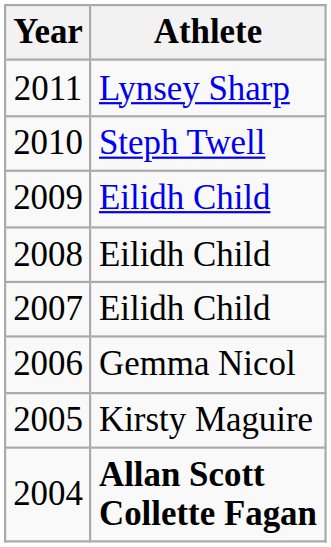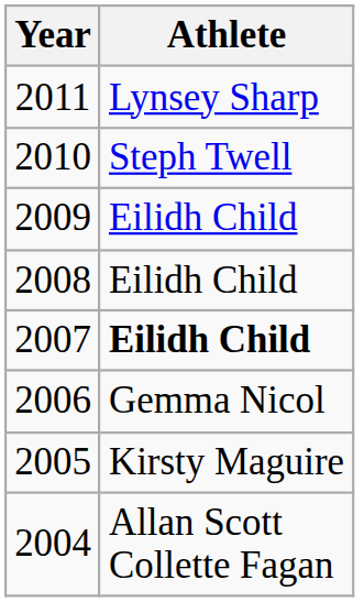 <table class="wikitable sortable">
 <tr>
 <th>Year</th>
 <th>Athlete</th>
 </tr>
 <tr>
 <td align="center">2011</td>
 <td><a href='#'>Lynsey Sharp</a></td>
 </tr>
 <tr>
 <td align="center">2010</td>
 <td><a href='#'>Steph Twell</a></td>
 </tr>
 <tr>
 <td align="center">2009</td>
 <td><a href='#'>Eilidh Child</a></td>
 </tr>
 <tr>
 <td align="center">2008</td>
 <td>Eilidh Child</td>
 </tr>
 <tr>
 <td align="center">2007</td>
-<td>Eilidh Child</td>
+<td><strong>Eilidh Child</strong></td>
 </tr>
 <tr>
 <td align="center">2006</td>
 <td>Gemma Nicol</td>
 </tr>
 <tr>
 <td align="center">2005</td>
 <td>Kirsty Maguire</td>
 </tr>
 <tr>
 <td align="center">2004</td>
-<td><strong>Allan Scott<br>Collette Fagan</strong></td>
+<td>Allan Scott<br>Collette Fagan</td>
 </tr>
 </table>
